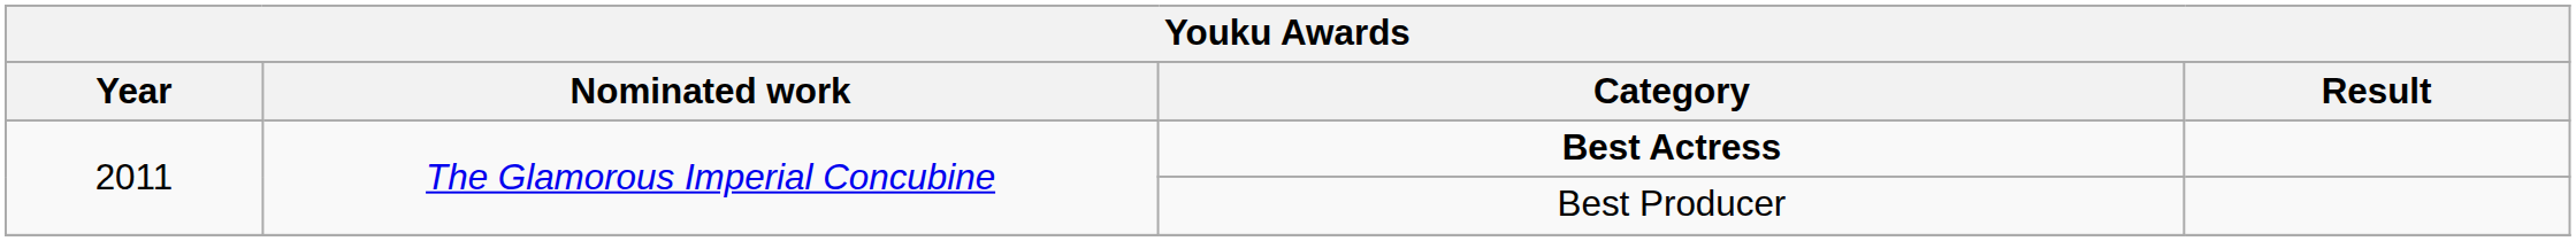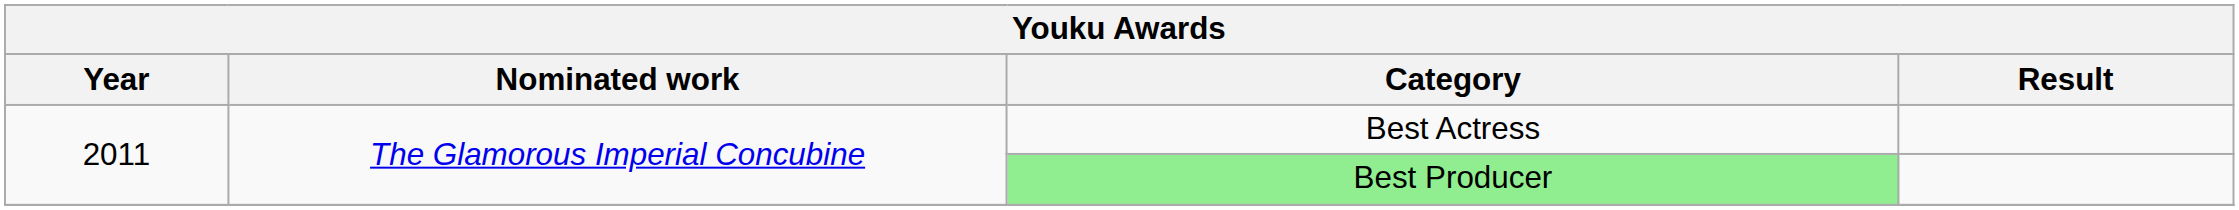 <table width="90%" class="wikitable">
 <tr>
 <th colspan="4" align="center">Youku Awards</th>
 </tr>
 <tr>
 <th width="10%">Year</th>
 <th width="35%">Nominated work</th>
 <th width="40%">Category</th>
 <th width="15%">Result</th>
 </tr>
 <tr>
 <td align="center" rowspan="2">2011</td>
 <td align="center" rowspan="2"><em><a href='#'>The Glamorous Imperial Concubine</a></em></td>
-<td align="center"><strong>Best Actress</strong></td>
+<td align="center">Best Actress</td>
 <td></td>
 </tr>
 <tr>
-<td align="center">Best Producer</td>
+<td align="center" style="background: lightgreen;">Best Producer</td>
 <td></td>
 </tr>
 <tr>
 </tr>
 </table>
